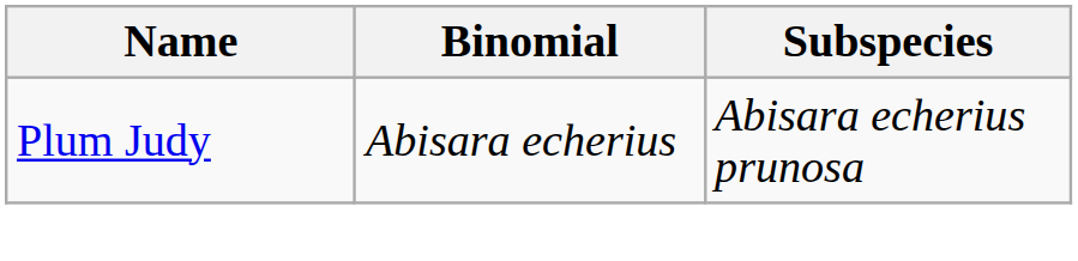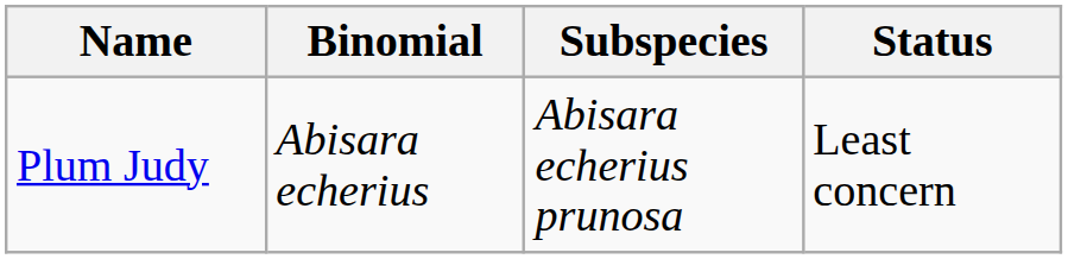 <table width=60% class="wikitable">
 <tr>
 <th width=20%>Name</th>
 <th width=20%>Binomial</th>
 <th width=20%>Subspecies</th>
+<th width=20%>Status</th>
 </tr>
 <tr>
 <td><a href='#'>Plum Judy</a><br> </td>
 <td><em>Abisara echerius</em></td>
 <td><em>Abisara echerius prunosa</em></td>
+<td>Least concern</td>
 </tr>
 </table>
